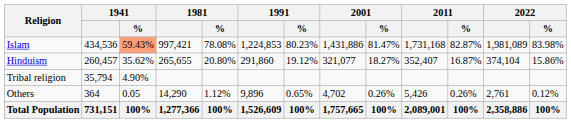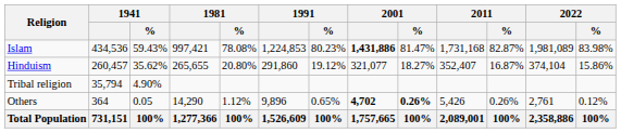 <table class="wikitable sortable">
 <tr>
 <th rowspan="2">Religion</th>
 <th colspan="2">1941</th>
 <th colspan="2">1981</th>
 <th colspan="2">1991</th>
 <th colspan="2">2001</th>
 <th colspan="2">2011</th>
 <th colspan="2">2022</th>
 </tr>
 <tr>
 <th></th>
 <th>%</th>
 <th></th>
 <th>%</th>
 <th></th>
 <th>%</th>
 <th></th>
 <th>%</th>
 <th></th>
 <th>%</th>
 <th></th>
 <th>%</th>
 </tr>
 <tr>
 <td><a href='#'>Islam</a> </td>
 <td>434,536</td>
-<td style="background: lightsalmon;">59.43%</td>
+<td>59.43%</td>
 <td>997,421</td>
 <td>78.08%</td>
 <td>1,224,853</td>
 <td>80.23%</td>
-<td>1,431,886</td>
+<td><strong>1,431,886</strong></td>
 <td>81.47%</td>
 <td>1,731,168</td>
 <td>82.87%</td>
 <td>1,981,089</td>
 <td>83.98%</td>
 </tr>
 <tr>
 <td><a href='#'>Hinduism</a> </td>
 <td>260,457</td>
 <td>35.62%</td>
 <td>265,655</td>
 <td>20.80%</td>
 <td>291,860</td>
 <td>19.12%</td>
 <td>321,077</td>
 <td>18.27%</td>
 <td>352,407</td>
 <td>16.87%</td>
 <td>374,104</td>
 <td>15.86%</td>
 </tr>
 <tr>
 <td>Tribal religion</td>
 <td>35,794</td>
 <td>4.90%</td>
 <td></td>
 <td></td>
 <td></td>
 <td></td>
 <td></td>
 <td></td>
 <td></td>
 <td></td>
 <td></td>
 <td></td>
 </tr>
 <tr>
 <td>Others </td>
 <td>364</td>
 <td>0.05</td>
 <td>14,290</td>
 <td>1.12%</td>
 <td>9,896</td>
 <td>0.65%</td>
-<td>4,702</td>
-<td>0.26%</td>
+<td><strong>4,702</strong></td>
+<td><strong>0.26%</strong></td>
 <td>5,426</td>
 <td>0.26%</td>
 <td>2,761</td>
 <td>0.12%</td>
 </tr>
 <tr>
 <th>Total Population</th>
 <th>731,151</th>
 <th>100%</th>
 <th>1,277,366</th>
 <th>100%</th>
 <th>1,526,609</th>
 <th>100%</th>
 <th>1,757,665</th>
 <th>100%</th>
 <th>2,089,001</th>
 <th>100%</th>
 <th>2,358,886</th>
 <th>100%</th>
 </tr>
 </table>
